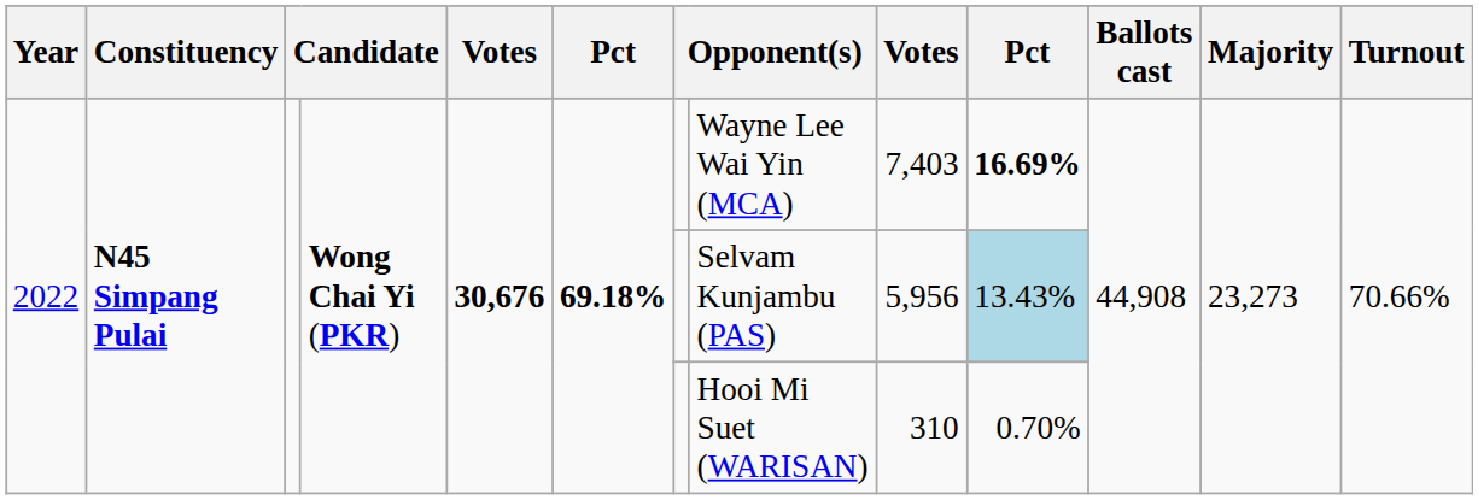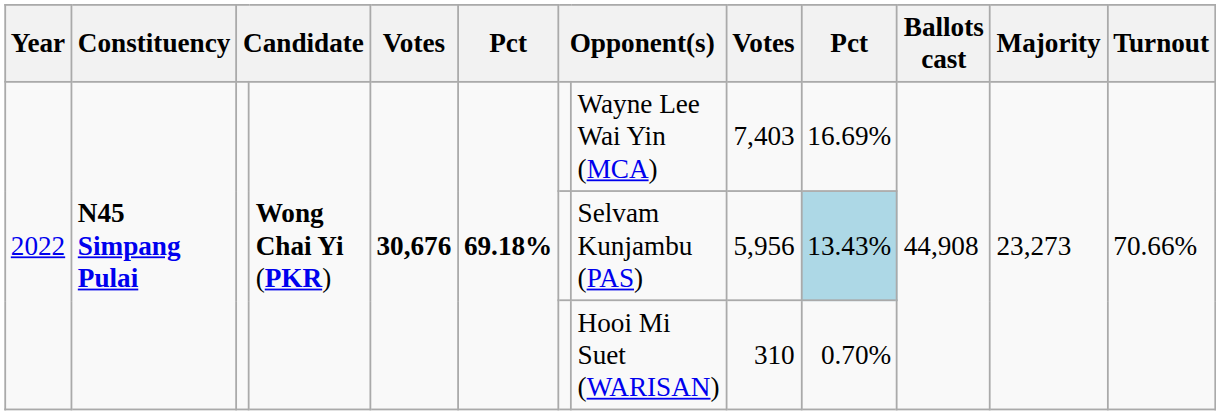 <table class="wikitable" style="margin:0.5em ; font-size:95%">
 <tr>
 <th>Year</th>
 <th>Constituency</th>
 <th colspan=2>Candidate</th>
 <th>Votes</th>
 <th>Pct</th>
 <th colspan=2>Opponent(s)</th>
 <th>Votes</th>
 <th>Pct</th>
 <th>Ballots cast</th>
 <th>Majority</th>
 <th>Turnout</th>
 </tr>
 <tr>
 <td rowspan=3><a href='#'>2022</a></td>
 <td rowspan=3><strong>N45 <a href='#'>Simpang Pulai</a></strong></td>
 <td rowspan=3 ></td>
 <td rowspan=3><strong>Wong Chai Yi</strong> (<a href='#'><strong>PKR</strong></a>)</td>
 <td rowspan=3 align=right><strong>30,676</strong></td>
 <td rowspan=3><strong>69.18%</strong></td>
 <td bgcolor=></td>
 <td>Wayne Lee Wai Yin (<a href='#'>MCA</a>)</td>
 <td align=right>7,403</td>
-<td><strong>16.69%</strong></td>
+<td>16.69%</td>
 <td rowspan=3>44,908</td>
 <td rowspan=3>23,273</td>
 <td rowspan=3>70.66%</td>
 </tr>
 <tr>
 <td></td>
 <td>Selvam Kunjambu (<a href='#'>PAS</a>)</td>
 <td align=right>5,956</td>
 <td style="background: lightblue;">13.43%</td>
 </tr>
 <tr>
 <td></td>
 <td>Hooi Mi Suet (<a href='#'>WARISAN</a>)</td>
 <td align=right>310</td>
 <td align=right>0.70%</td>
 </tr>
 </table>
